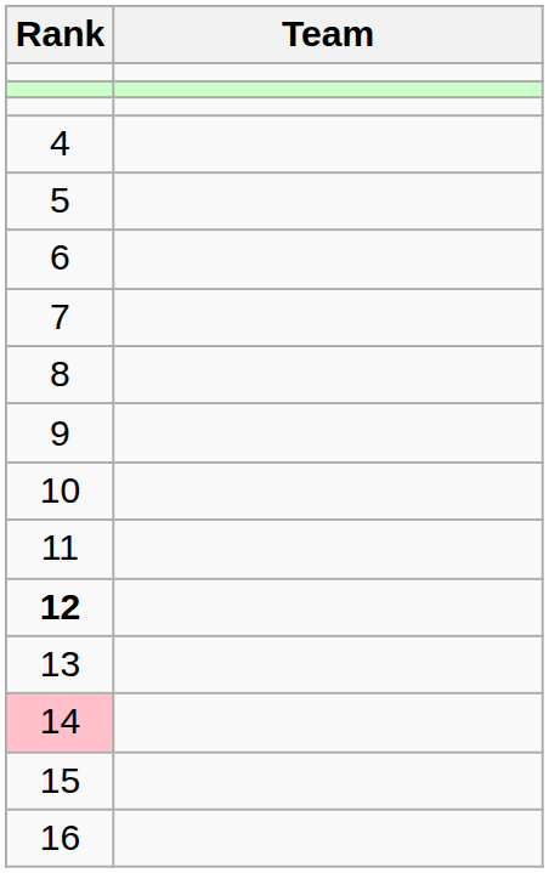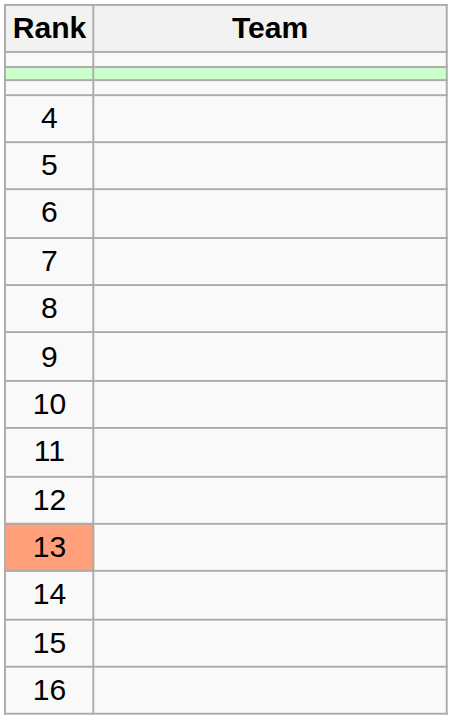 <table class="wikitable">
 <tr>
 <th style="width: 40px;">Rank</th>
 <th style="width: 180px;">Team</th>
 </tr>
 <tr>
 <td align=center></td>
 <td></td>
 </tr>
 <tr bgcolor=#ccffcc>
 <td align=center></td>
 <td></td>
 </tr>
 <tr>
 <td align=center></td>
 <td></td>
 </tr>
 <tr>
 <td align=center>4</td>
 <td></td>
 </tr>
 <tr>
 <td align=center>5</td>
 <td></td>
 </tr>
 <tr>
 <td align=center>6</td>
 <td></td>
 </tr>
 <tr>
 <td align=center>7</td>
 <td></td>
 </tr>
 <tr>
 <td align=center>8</td>
 <td></td>
 </tr>
 <tr>
 <td align=center>9</td>
 <td></td>
 </tr>
 <tr>
 <td align=center>10</td>
 <td></td>
 </tr>
 <tr>
 <td align=center>11</td>
 <td></td>
 </tr>
 <tr>
-<td align=center><strong>12</strong></td>
+<td align=center>12</td>
 <td></td>
 </tr>
 <tr>
-<td align=center>13</td>
+<td align=center style="background: lightsalmon;">13</td>
 <td></td>
 </tr>
 <tr>
-<td align=center style="background: pink;">14</td>
+<td align=center>14</td>
 <td></td>
 </tr>
 <tr>
 <td align=center>15</td>
 <td></td>
 </tr>
 <tr>
 <td align=center>16</td>
 <td></td>
 </tr>
 </table>
